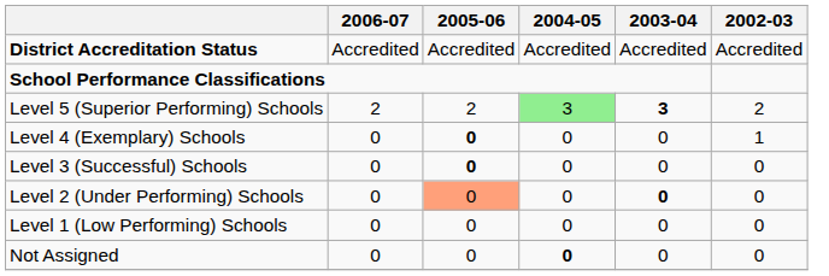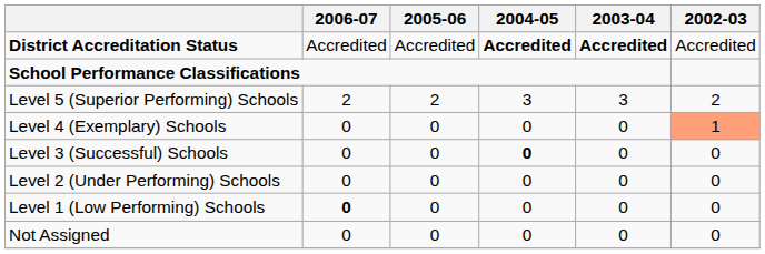 <table class="wikitable" style="font-size: 95%;">
 <tr>
 <th></th>
 <th>2006-07</th>
 <th>2005-06</th>
 <th>2004-05</th>
 <th>2003-04</th>
 <th>2002-03</th>
 </tr>
 <tr>
 <td align="left"><strong>District Accreditation Status</strong></td>
 <td align="center">Accredited</td>
 <td align="center">Accredited</td>
-<td align="center">Accredited</td>
-<td align="center">Accredited</td>
+<td align="center"><strong>Accredited</strong></td>
+<td align="center"><strong>Accredited</strong></td>
 <td align="center">Accredited</td>
 </tr>
 <tr>
 <td align="left" colspan="5"><strong>School Performance Classifications</strong></td>
 </tr>
 <tr>
 <td align="left">Level 5 (Superior Performing) Schools</td>
 <td align="center">2</td>
 <td align="center">2</td>
-<td align="center" style="background: lightgreen;">3</td>
-<td align="center"><strong>3</strong></td>
+<td align="center">3</td>
+<td align="center">3</td>
 <td align="center">2</td>
 </tr>
 <tr>
 <td align="left">Level 4 (Exemplary) Schools</td>
 <td align="center">0</td>
-<td align="center"><strong>0</strong></td>
 <td align="center">0</td>
 <td align="center">0</td>
-<td align="center">1</td>
+<td align="center">0</td>
+<td align="center" style="background: lightsalmon;">1</td>
 </tr>
 <tr>
 <td align="left">Level 3 (Successful) Schools</td>
 <td align="center">0</td>
+<td align="center">0</td>
 <td align="center"><strong>0</strong></td>
-<td align="center">0</td>
 <td align="center">0</td>
 <td align="center">0</td>
 </tr>
 <tr>
 <td align="left">Level 2 (Under Performing) Schools</td>
 <td align="center">0</td>
-<td align="center" style="background: lightsalmon;">0</td>
 <td align="center">0</td>
-<td align="center"><strong>0</strong></td>
+<td align="center">0</td>
+<td align="center">0</td>
 <td align="center">0</td>
 </tr>
 <tr>
 <td align="left">Level 1 (Low Performing) Schools</td>
-<td align="center">0</td>
+<td align="center"><strong>0</strong></td>
 <td align="center">0</td>
 <td align="center">0</td>
 <td align="center">0</td>
 <td align="center">0</td>
 </tr>
 <tr>
 <td align="left">Not Assigned</td>
 <td align="center">0</td>
 <td align="center">0</td>
-<td align="center"><strong>0</strong></td>
+<td align="center">0</td>
 <td align="center">0</td>
 <td align="center">0</td>
 </tr>
 <tr>
 </tr>
 </table>
